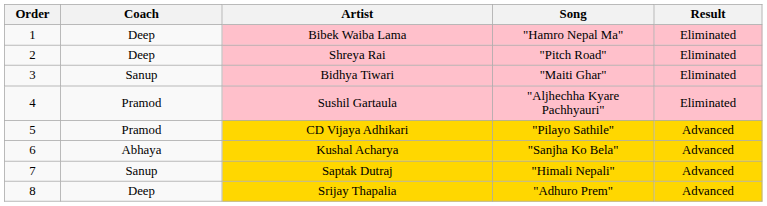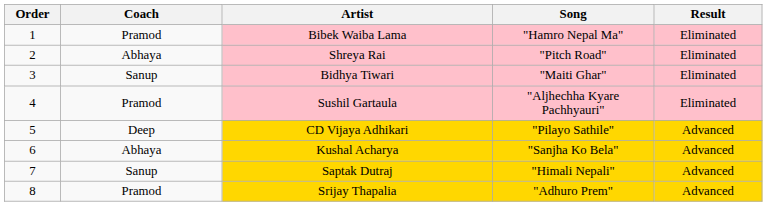 <table class="wikitable plainrowheaders" style="text-align:center; width:75%;">
 <tr>
 <th scope="col" style="width:05%;">Order</th>
 <th scope="col" style="width:15%;">Coach</th>
 <th scope="col" style="width:25%;">Artist</th>
 <th scope="col" style="width:15%;">Song</th>
 <th scope="col" style="width:10%;">Result</th>
 </tr>
 <tr>
 <td scope="row">1</td>
-<td>Deep</td>
+<td>Pramod</td>
 <td style="background:pink">Bibek Waiba Lama</td>
 <td style="background:pink">"Hamro Nepal Ma"</td>
 <td style="background:pink">Eliminated</td>
 </tr>
 <tr>
 <td scope="row">2</td>
-<td>Deep</td>
+<td>Abhaya</td>
 <td style="background:pink">Shreya Rai</td>
 <td style="background:pink">"Pitch Road"</td>
 <td style="background:pink">Eliminated</td>
 </tr>
 <tr>
 <td scope="row">3</td>
 <td>Sanup</td>
 <td style="background:pink">Bidhya Tiwari</td>
 <td style="background:pink">"Maiti Ghar"</td>
 <td style="background:pink">Eliminated</td>
 </tr>
 <tr>
 <td scope="row">4</td>
 <td>Pramod</td>
 <td style="background:pink">Sushil Gartaula</td>
 <td style="background:pink">"Aljhechha Kyare Pachhyauri"</td>
 <td style="background:pink">Eliminated</td>
 </tr>
 <tr>
 <td scope="row">5</td>
-<td>Pramod</td>
+<td>Deep</td>
 <td style="background:gold">CD Vijaya Adhikari</td>
 <td style="background:gold">"Pilayo Sathile"</td>
 <td style="background:gold">Advanced</td>
 </tr>
 <tr>
 <td scope="row">6</td>
 <td>Abhaya</td>
 <td style="background:gold">Kushal Acharya</td>
 <td style="background:gold">"Sanjha Ko Bela"</td>
 <td style="background:gold">Advanced</td>
 </tr>
 <tr>
 <td scope="row">7</td>
 <td>Sanup</td>
 <td style="background:gold">Saptak Dutraj</td>
 <td style="background:gold">"Himali Nepali"</td>
 <td style="background:gold">Advanced</td>
 </tr>
 <tr>
 <td scope="row">8</td>
-<td>Deep</td>
+<td>Pramod</td>
 <td style="background:gold">Srijay Thapalia</td>
 <td style="background:gold">"Adhuro Prem"</td>
 <td style="background:gold">Advanced</td>
 </tr>
 </table>
